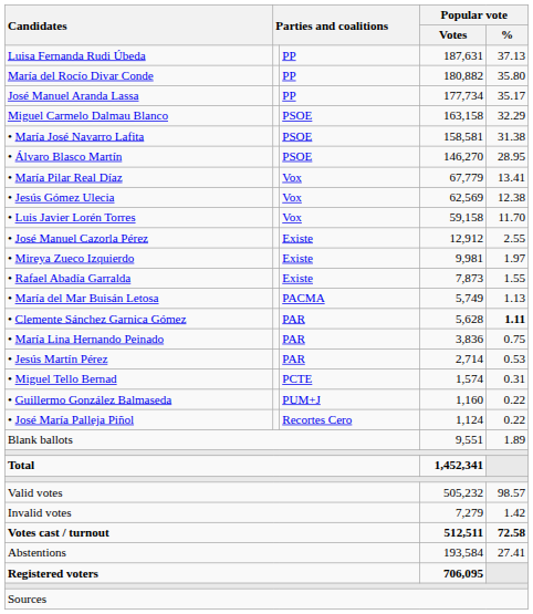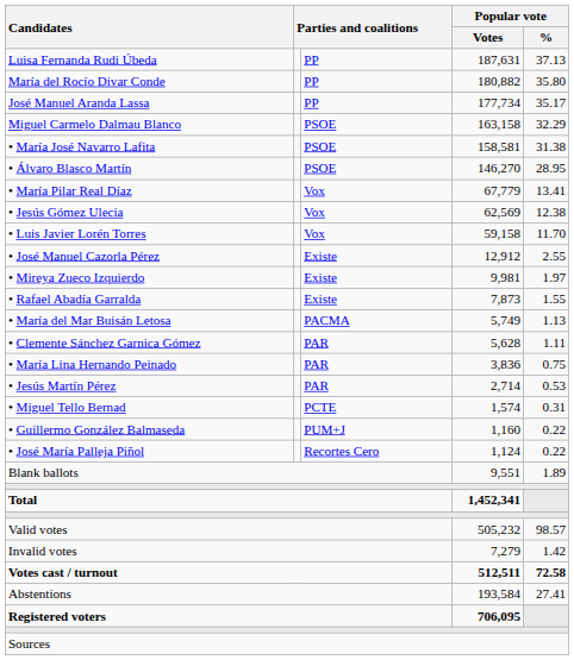 <table class="wikitable" style="text-align:right; font-size:95%;">
 <tr>
 <th style="text-align:left;" rowspan="2" width="325">Candidates</th>
 <th style="text-align:left;" rowspan="2" colspan="2" width="175">Parties and coalitions</th>
 <th colspan="2">Popular vote</th>
 </tr>
 <tr>
 <th width="75">Votes</th>
 <th width="45">%</th>
 </tr>
 <tr>
 <td align="left"> <a href='#'>Luisa Fernanda Rudi Úbeda</a></td>
 <td width="1" style="color:inherit;background:"></td>
 <td align="left"><a href='#'>PP</a></td>
 <td>187,631</td>
 <td>37.13</td>
 </tr>
 <tr>
 <td align="left"> <a href='#'>María del Rocío Divar Conde</a></td>
 <td width="1" style="color:inherit;background:"></td>
 <td align="left"><a href='#'>PP</a></td>
 <td>180,882</td>
 <td>35.80</td>
 </tr>
 <tr>
 <td align="left"> <a href='#'>José Manuel Aranda Lassa</a></td>
 <td width="1" style="color:inherit;background:"></td>
 <td align="left"><a href='#'>PP</a></td>
 <td>177,734</td>
 <td>35.17</td>
 </tr>
 <tr>
 <td align="left"> <a href='#'>Miguel Carmelo Dalmau Blanco</a></td>
 <td width="1" style="color:inherit;background:"></td>
 <td align="left"><a href='#'>PSOE</a></td>
 <td>163,158</td>
 <td>32.29</td>
 </tr>
 <tr>
 <td align="left">• <a href='#'>María José Navarro Lafita</a></td>
 <td width="1" style="color:inherit;background:"></td>
 <td align="left"><a href='#'>PSOE</a></td>
 <td>158,581</td>
 <td>31.38</td>
 </tr>
 <tr>
 <td align="left">• <a href='#'>Álvaro Blasco Martín</a></td>
 <td width="1" style="color:inherit;background:"></td>
 <td align="left"><a href='#'>PSOE</a></td>
 <td>146,270</td>
 <td>28.95</td>
 </tr>
 <tr>
 <td align="left">• <a href='#'>María Pilar Real Díaz</a></td>
 <td width="1" style="color:inherit;background:"></td>
 <td align="left"><a href='#'>Vox</a></td>
 <td>67,779</td>
 <td>13.41</td>
 </tr>
 <tr>
 <td align="left">• <a href='#'>Jesús Gómez Ulecia</a></td>
 <td width="1" style="color:inherit;background:"></td>
 <td align="left"><a href='#'>Vox</a></td>
 <td>62,569</td>
 <td>12.38</td>
 </tr>
 <tr>
 <td align="left">• <a href='#'>Luis Javier Lorén Torres</a></td>
 <td width="1" style="color:inherit;background:"></td>
 <td align="left"><a href='#'>Vox</a></td>
 <td>59,158</td>
 <td>11.70</td>
 </tr>
 <tr>
 <td align="left">• <a href='#'>José Manuel Cazorla Pérez</a></td>
 <td width="1" style="color:inherit;background:"></td>
 <td align="left"><a href='#'>Existe</a></td>
 <td>12,912</td>
 <td>2.55</td>
 </tr>
 <tr>
 <td align="left">• <a href='#'>Mireya Zueco Izquierdo</a></td>
 <td width="1" style="color:inherit;background:"></td>
 <td align="left"><a href='#'>Existe</a></td>
 <td>9,981</td>
 <td>1.97</td>
 </tr>
 <tr>
 <td align="left">• <a href='#'>Rafael Abadía Garralda</a></td>
 <td width="1" style="color:inherit;background:"></td>
 <td align="left"><a href='#'>Existe</a></td>
 <td>7,873</td>
 <td>1.55</td>
 </tr>
 <tr>
 <td align="left">• <a href='#'>María del Mar Buisán Letosa</a></td>
 <td width="1" style="color:inherit;background:"></td>
 <td align="left"><a href='#'>PACMA</a></td>
 <td>5,749</td>
 <td>1.13</td>
 </tr>
 <tr>
 <td align="left">• <a href='#'>Clemente Sánchez Garnica Gómez</a></td>
 <td width="1" style="color:inherit;background:"></td>
 <td align="left"><a href='#'>PAR</a></td>
 <td>5,628</td>
-<td><strong>1.11</strong></td>
+<td>1.11</td>
 </tr>
 <tr>
 <td align="left">• <a href='#'>María Lina Hernando Peinado</a></td>
 <td width="1" style="color:inherit;background:"></td>
 <td align="left"><a href='#'>PAR</a></td>
 <td>3,836</td>
 <td>0.75</td>
 </tr>
 <tr>
 <td align="left">• <a href='#'>Jesús Martín Pérez</a></td>
 <td width="1" style="color:inherit;background:"></td>
 <td align="left"><a href='#'>PAR</a></td>
 <td>2,714</td>
 <td>0.53</td>
 </tr>
 <tr>
 <td align="left">• <a href='#'>Miguel Tello Bernad</a></td>
 <td width="1" style="color:inherit;background:"></td>
 <td align="left"><a href='#'>PCTE</a></td>
 <td>1,574</td>
 <td>0.31</td>
 </tr>
 <tr>
 <td align="left">• <a href='#'>Guillermo González Balmaseda</a></td>
 <td width="1" style="color:inherit;background:"></td>
 <td align="left"><a href='#'>PUM+J</a></td>
 <td>1,160</td>
 <td>0.22</td>
 </tr>
 <tr>
 <td align="left">• <a href='#'>José María Palleja Piñol</a></td>
 <td width="1" style="color:inherit;background:"></td>
 <td align="left"><a href='#'>Recortes Cero</a></td>
 <td>1,124</td>
 <td>0.22</td>
 </tr>
 <tr>
 <td align="left" colspan="3">Blank ballots</td>
 <td>9,551</td>
 <td>1.89</td>
 </tr>
 <tr>
 <td colspan="5" bgcolor="#E9E9E9"></td>
 </tr>
 <tr style="font-weight:bold;">
 <td align="left" colspan="3">Total</td>
 <td>1,452,341</td>
 <td bgcolor="#E9E9E9"></td>
 </tr>
 <tr>
 <td colspan="5" bgcolor="#E9E9E9"></td>
 </tr>
 <tr>
 <td align="left" colspan="3">Valid votes</td>
 <td>505,232</td>
 <td>98.57</td>
 </tr>
 <tr>
 <td align="left" colspan="3">Invalid votes</td>
 <td>7,279</td>
 <td>1.42</td>
 </tr>
 <tr style="font-weight:bold;">
 <td align="left" colspan="3">Votes cast / turnout</td>
 <td>512,511</td>
 <td>72.58</td>
 </tr>
 <tr>
 <td align="left" colspan="3">Abstentions</td>
 <td>193,584</td>
 <td>27.41</td>
 </tr>
 <tr style="font-weight:bold;">
 <td align="left" colspan="3">Registered voters</td>
 <td>706,095</td>
 <td bgcolor="#E9E9E9"></td>
 </tr>
 <tr>
 <td colspan="5" bgcolor="#E9E9E9"></td>
 </tr>
 <tr>
 <td align="left" colspan="5">Sources</td>
 </tr>
 </table>
